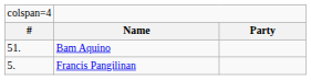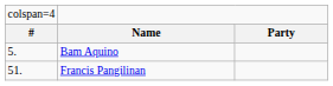 <table class=wikitable style="font-size:90%">
 <tr>
 <td>colspan=4 </td>
 </tr>
 <tr>
 <th>#</th>
 <th width=55%>Name</th>
 <th colspan=2 width=110px>Party</th>
 </tr>
 <tr>
-<td>51.</td>
+<td>5.</td>
 <td><a href='#'>Bam Aquino</a></td>
 <td></td>
 </tr>
 <tr>
-<td>5.</td>
+<td>51.</td>
 <td><a href='#'>Francis Pangilinan</a></td>
 <td></td>
 </tr>
 </table>
